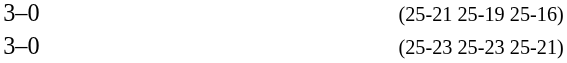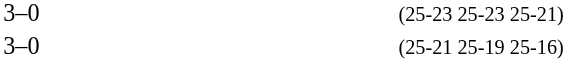 <table>
 <tr>
 <th width=200></th>
 <th width=80></th>
 <th width=200></th>
 <th width=220></th>
 </tr>
 <tr>
 <td align=right><strong></strong></td>
 <td align=center>3–0</td>
 <td></td>
-<td><small>(25-21 25-19 25-16)</small></td>
+<td><small>(25-23 25-23 25-21)</small></td>
 </tr>
 <tr>
 <td align=right><strong></strong></td>
 <td align=center>3–0</td>
 <td></td>
-<td><small>(25-23 25-23 25-21)</small></td>
+<td><small>(25-21 25-19 25-16)</small></td>
 </tr>
 </table>
